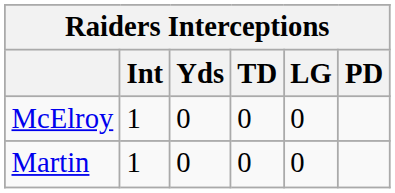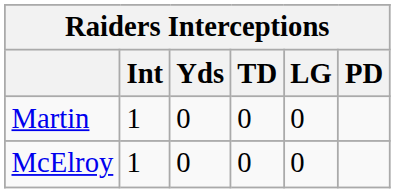 <table class="wikitable">
 <tr>
 <th colspan="6">Raiders Interceptions</th>
 </tr>
 <tr>
 <th></th>
 <th>Int</th>
 <th>Yds</th>
 <th>TD</th>
 <th>LG</th>
 <th>PD</th>
 </tr>
 <tr>
+<td><a href='#'>Martin</a></td>
+<td>1</td>
+<td>0</td>
+<td>0</td>
+<td>0</td>
+<td></td>
+</tr>
+<tr>
 <td><a href='#'>McElroy</a></td>
 <td>1</td>
 <td>0</td>
 <td>0</td>
 <td>0</td>
 <td></td>
 </tr>
-<tr>
-<td><a href='#'>Martin</a></td>
-<td>1</td>
-<td>0</td>
-<td>0</td>
-<td>0</td>
-<td></td>
-</tr>
 </table>
